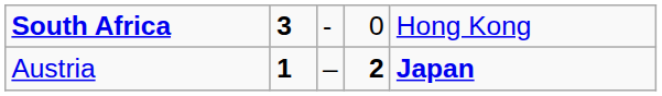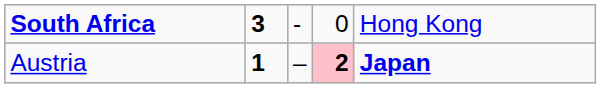 <table class="wikitable">
 <tr>
 <td width=150> <strong><a href='#'>South Africa</a></strong></td>
 <td style="width:20px; text-align:left;"><strong>3</strong></td>
 <td>-</td>
 <td style="width:20px; text-align:right;">0</td>
 <td width=150> <a href='#'>Hong Kong</a></td>
 </tr>
 <tr>
 <td> <a href='#'>Austria</a></td>
 <td style="text-align:left;"><strong>1</strong></td>
 <td>–</td>
-<td style="text-align:right;"><strong>2</strong></td>
+<td style="background: pink; text-align:right;"><strong>2</strong></td>
 <td> <strong><a href='#'>Japan</a></strong></td>
 </tr>
 </table>
